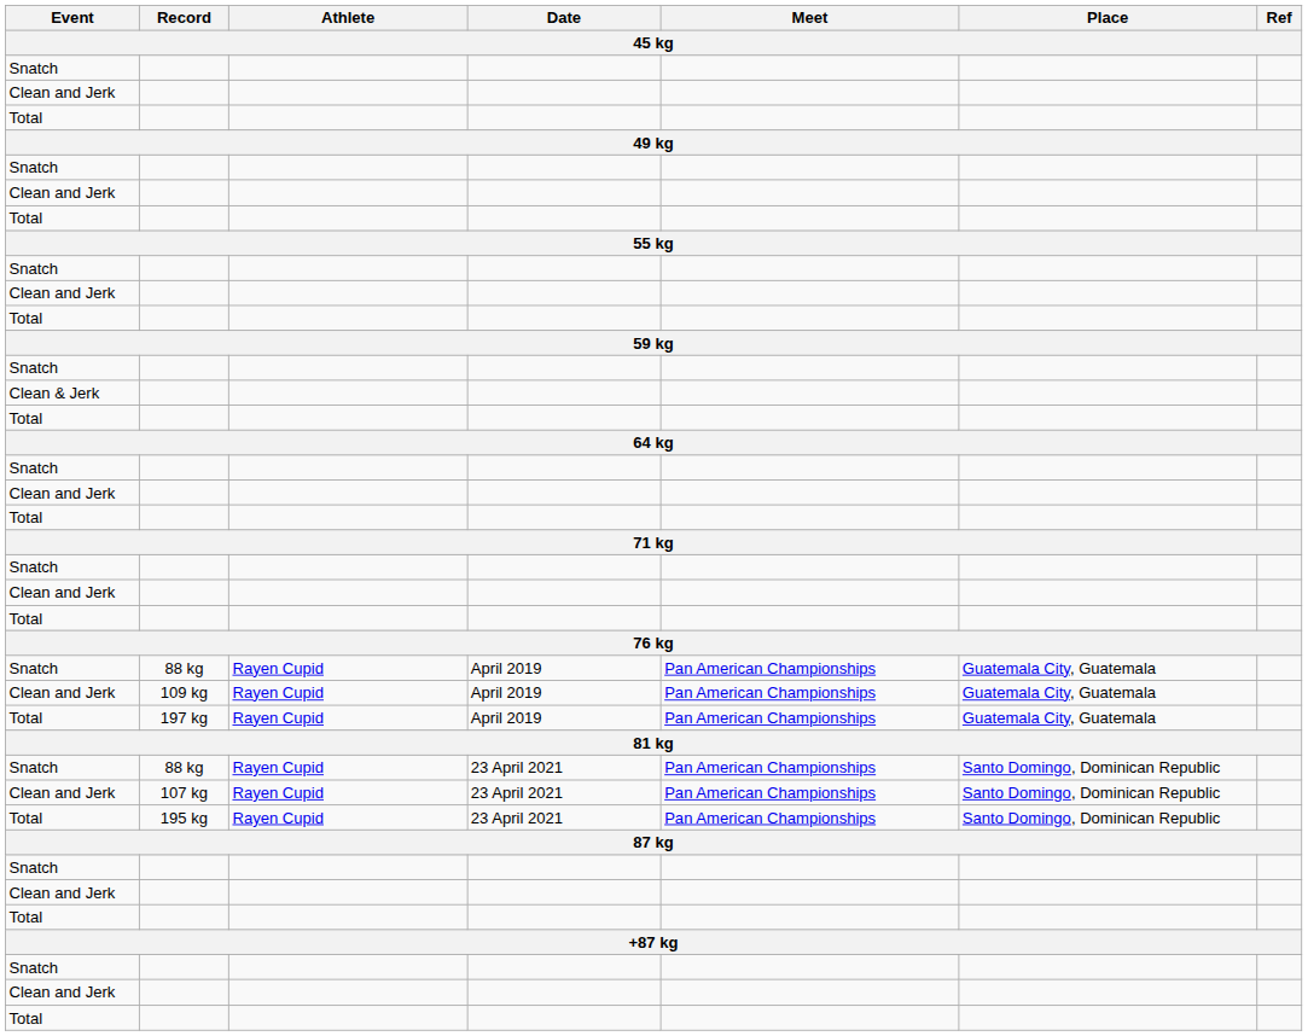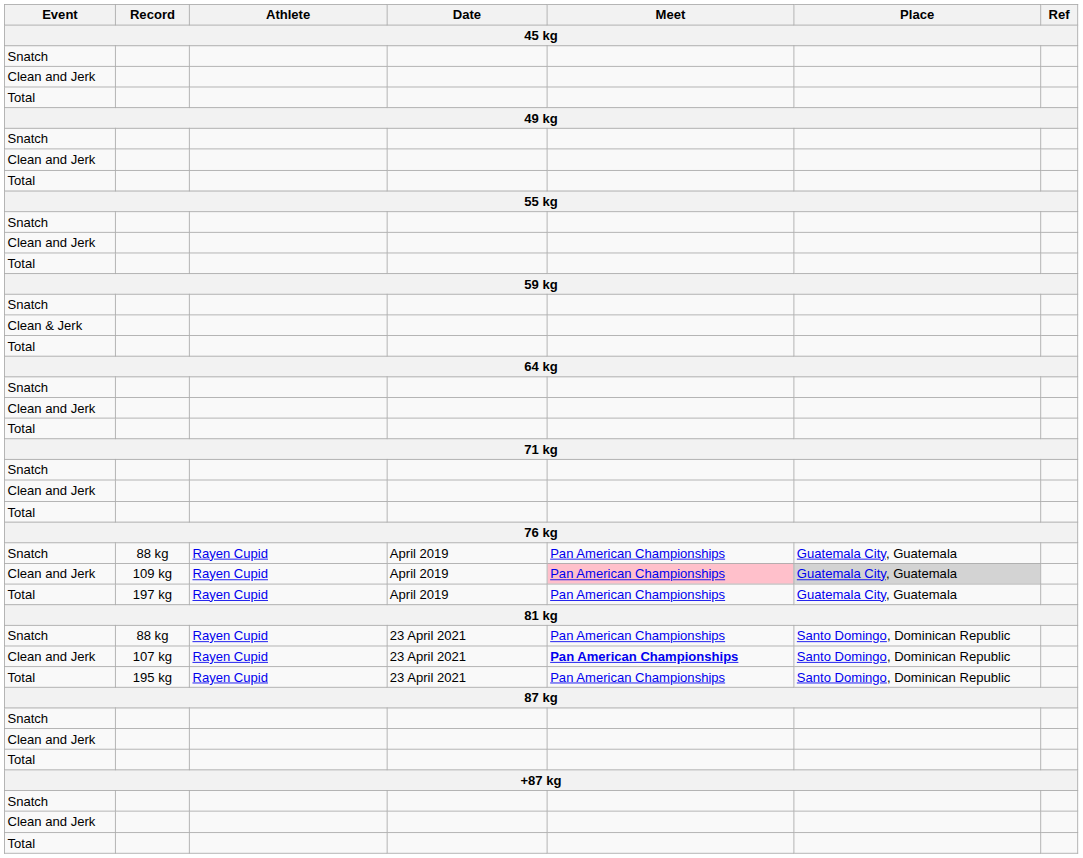 <table class="wikitable" style="font-size:95%;">
 <tr>
 <th width=9%>Event</th>
 <th width=6%>Record</th>
 <th width=16%>Athlete</th>
 <th width=13%>Date</th>
 <th width=20%>Meet</th>
 <th width=20%>Place</th>
 <th width=3%>Ref</th>
 </tr>
 <tr bgcolor="#DDDDDD">
 <th colspan="7">45 kg</th>
 </tr>
 <tr>
 <td>Snatch</td>
 <td align="center"></td>
 <td></td>
 <td></td>
 <td></td>
 <td></td>
 <td></td>
 </tr>
 <tr>
 <td>Clean and Jerk</td>
 <td align="center"></td>
 <td></td>
 <td></td>
 <td></td>
 <td></td>
 <td></td>
 </tr>
 <tr>
 <td>Total</td>
 <td align="center"></td>
 <td></td>
 <td></td>
 <td></td>
 <td></td>
 <td></td>
 </tr>
 <tr bgcolor="#DDDDDD">
 <th colspan="7">49 kg</th>
 </tr>
 <tr>
 <td>Snatch</td>
 <td align="center"></td>
 <td></td>
 <td></td>
 <td></td>
 <td></td>
 <td></td>
 </tr>
 <tr>
 <td>Clean and Jerk</td>
 <td align="center"></td>
 <td></td>
 <td></td>
 <td></td>
 <td></td>
 <td></td>
 </tr>
 <tr>
 <td>Total</td>
 <td align="center"></td>
 <td></td>
 <td></td>
 <td></td>
 <td></td>
 <td></td>
 </tr>
 <tr bgcolor="#DDDDDD">
 <th colspan="7">55 kg</th>
 </tr>
 <tr>
 <td>Snatch</td>
 <td align="center"></td>
 <td></td>
 <td></td>
 <td></td>
 <td></td>
 <td></td>
 </tr>
 <tr>
 <td>Clean and Jerk</td>
 <td align="center"></td>
 <td></td>
 <td></td>
 <td></td>
 <td></td>
 <td></td>
 </tr>
 <tr>
 <td>Total</td>
 <td align="center"></td>
 <td></td>
 <td></td>
 <td></td>
 <td></td>
 <td></td>
 </tr>
 <tr bgcolor="#DDDDDD">
 <th colspan="7">59 kg</th>
 </tr>
 <tr>
 <td>Snatch</td>
 <td align="center"></td>
 <td></td>
 <td></td>
 <td></td>
 <td></td>
 <td></td>
 </tr>
 <tr>
 <td>Clean & Jerk</td>
 <td align="center"></td>
 <td></td>
 <td></td>
 <td></td>
 <td></td>
 <td></td>
 </tr>
 <tr>
 <td>Total</td>
 <td align="center"></td>
 <td></td>
 <td></td>
 <td></td>
 <td></td>
 <td></td>
 </tr>
 <tr bgcolor="#DDDDDD">
 <th colspan="7">64 kg</th>
 </tr>
 <tr>
 <td>Snatch</td>
 <td align="center"></td>
 <td></td>
 <td></td>
 <td></td>
 <td></td>
 <td></td>
 </tr>
 <tr>
 <td>Clean and Jerk</td>
 <td align="center"></td>
 <td></td>
 <td></td>
 <td></td>
 <td></td>
 <td></td>
 </tr>
 <tr>
 <td>Total</td>
 <td align="center"></td>
 <td></td>
 <td></td>
 <td></td>
 <td></td>
 <td></td>
 </tr>
 <tr bgcolor="#DDDDDD">
 <th colspan="7">71 kg</th>
 </tr>
 <tr>
 <td>Snatch</td>
 <td align="center"></td>
 <td></td>
 <td></td>
 <td></td>
 <td></td>
 <td></td>
 </tr>
 <tr>
 <td>Clean and Jerk</td>
 <td align="center"></td>
 <td></td>
 <td></td>
 <td></td>
 <td></td>
 <td></td>
 </tr>
 <tr>
 <td>Total</td>
 <td align="center"></td>
 <td></td>
 <td></td>
 <td></td>
 <td></td>
 <td></td>
 </tr>
 <tr bgcolor="#DDDDDD">
 <th colspan="7">76 kg</th>
 </tr>
 <tr>
 <td>Snatch</td>
 <td align="center">88 kg</td>
 <td><a href='#'>Rayen Cupid</a></td>
 <td>April 2019</td>
 <td><a href='#'>Pan American Championships</a></td>
 <td><a href='#'>Guatemala City</a>, Guatemala</td>
 <td></td>
 </tr>
 <tr>
 <td>Clean and Jerk</td>
 <td align="center">109 kg</td>
 <td><a href='#'>Rayen Cupid</a></td>
 <td>April 2019</td>
-<td><a href='#'>Pan American Championships</a></td>
-<td><a href='#'>Guatemala City</a>, Guatemala</td>
+<td style="background: pink;"><a href='#'>Pan American Championships</a></td>
+<td style="background: lightgrey;"><a href='#'>Guatemala City</a>, Guatemala</td>
 <td></td>
 </tr>
 <tr>
 <td>Total</td>
 <td align="center">197 kg</td>
 <td><a href='#'>Rayen Cupid</a></td>
 <td>April 2019</td>
 <td><a href='#'>Pan American Championships</a></td>
 <td><a href='#'>Guatemala City</a>, Guatemala</td>
 <td></td>
 </tr>
 <tr bgcolor="#DDDDDD">
 <th colspan="7">81 kg</th>
 </tr>
 <tr>
 <td>Snatch</td>
 <td align="center">88 kg</td>
 <td><a href='#'>Rayen Cupid</a></td>
 <td>23 April 2021</td>
 <td><a href='#'>Pan American Championships</a></td>
 <td><a href='#'>Santo Domingo</a>, Dominican Republic</td>
 <td></td>
 </tr>
 <tr>
 <td>Clean and Jerk</td>
 <td align="center">107 kg</td>
 <td><a href='#'>Rayen Cupid</a></td>
 <td>23 April 2021</td>
-<td><a href='#'>Pan American Championships</a></td>
+<td><strong><a href='#'>Pan American Championships</a></strong></td>
 <td><a href='#'>Santo Domingo</a>, Dominican Republic</td>
 <td></td>
 </tr>
 <tr>
 <td>Total</td>
 <td align="center">195 kg</td>
 <td><a href='#'>Rayen Cupid</a></td>
 <td>23 April 2021</td>
 <td><a href='#'>Pan American Championships</a></td>
 <td><a href='#'>Santo Domingo</a>, Dominican Republic</td>
 <td></td>
 </tr>
 <tr bgcolor="#DDDDDD">
 <th colspan="7">87 kg</th>
 </tr>
 <tr>
 <td>Snatch</td>
 <td align="center"></td>
 <td></td>
 <td></td>
 <td></td>
 <td></td>
 <td></td>
 </tr>
 <tr>
 <td>Clean and Jerk</td>
 <td align="center"></td>
 <td></td>
 <td></td>
 <td></td>
 <td></td>
 <td></td>
 </tr>
 <tr>
 <td>Total</td>
 <td align="center"></td>
 <td></td>
 <td></td>
 <td></td>
 <td></td>
 <td></td>
 </tr>
 <tr bgcolor="#DDDDDD">
 <th colspan="7">+87 kg</th>
 </tr>
 <tr>
 <td>Snatch</td>
 <td align="center"></td>
 <td></td>
 <td></td>
 <td></td>
 <td></td>
 <td></td>
 </tr>
 <tr>
 <td>Clean and Jerk</td>
 <td align="center"></td>
 <td></td>
 <td></td>
 <td></td>
 <td></td>
 <td></td>
 </tr>
 <tr>
 <td>Total</td>
 <td align="center"></td>
 <td></td>
 <td></td>
 <td></td>
 <td></td>
 <td></td>
 </tr>
 </table>
